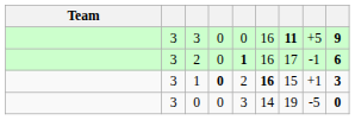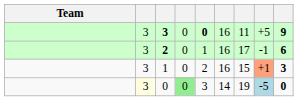 <table class="wikitable" style="text-align: center;">
 <tr>
 <th width="175">Team</th>
 <th width="20"></th>
 <th width="20"></th>
 <th width="20"></th>
 <th width="20"></th>
 <th width="20"></th>
 <th width="20"></th>
 <th width="20"></th>
 <th width="20"></th>
 </tr>
 <tr align=center bgcolor=#ccffcc>
 <td style="text-align:left;"></td>
 <td>3</td>
-<td>3</td>
+<td><strong>3</strong></td>
 <td>0</td>
-<td>0</td>
+<td><strong>0</strong></td>
 <td>16</td>
-<td><strong>11</strong></td>
+<td>11</td>
 <td>+5</td>
 <td><strong>9</strong></td>
 </tr>
 <tr align=center bgcolor=#ccffcc>
 <td style="text-align:left;"></td>
 <td>3</td>
-<td>2</td>
+<td><strong>2</strong></td>
 <td>0</td>
-<td><strong>1</strong></td>
+<td>1</td>
 <td>16</td>
 <td>17</td>
 <td>-1</td>
 <td><strong>6</strong></td>
 </tr>
 <tr>
 <td style="text-align:left;"></td>
 <td>3</td>
 <td>1</td>
-<td><strong>0</strong></td>
+<td>0</td>
 <td>2</td>
-<td><strong>16</strong></td>
+<td>16</td>
 <td>15</td>
-<td>+1</td>
+<td style="background: lightsalmon;">+1</td>
 <td><strong>3</strong></td>
 </tr>
 <tr>
 <td style="text-align:left;"></td>
-<td>3</td>
+<td style="background: lightyellow;">3</td>
 <td>0</td>
-<td>0</td>
+<td style="background: lightgreen;">0</td>
 <td>3</td>
 <td>14</td>
 <td>19</td>
-<td>-5</td>
+<td style="background: lightblue;">-5</td>
 <td><strong>0</strong></td>
 </tr>
 </table>
